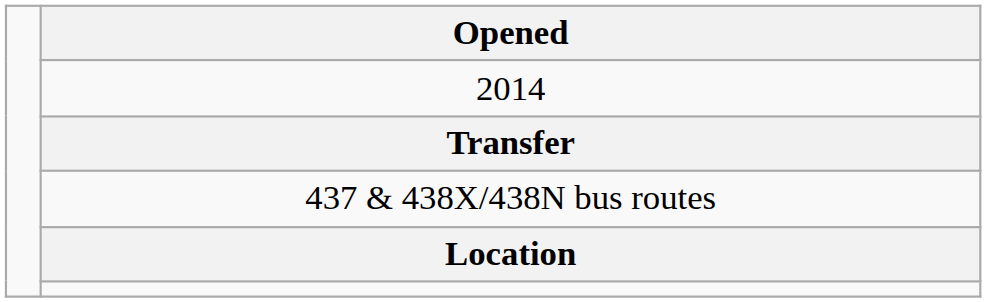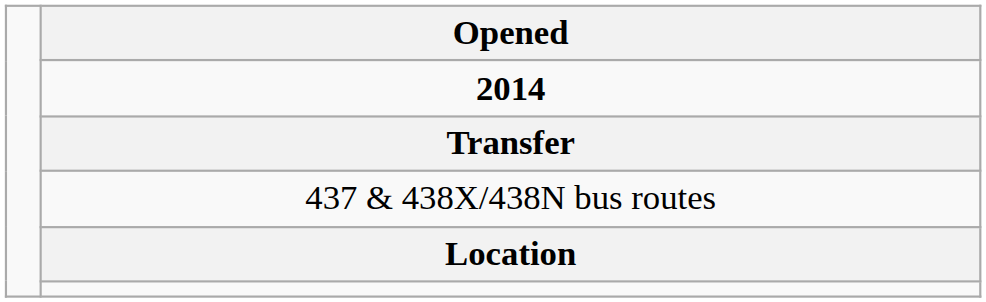 <table class=wikitable style="text-align: center; width: 450px; float:right">
 <tr>
 <td rowspan='6'></td>
 <th>Opened</th>
 </tr>
 <tr>
-<td>2014</td>
+<td><strong>2014</strong></td>
 </tr>
 <tr>
 <th>Transfer</th>
 </tr>
 <tr>
 <td>437 & 438X/438N bus routes</td>
 </tr>
 <tr>
 <th>Location</th>
 </tr>
 <tr>
 <td></td>
 </tr>
 </table>
